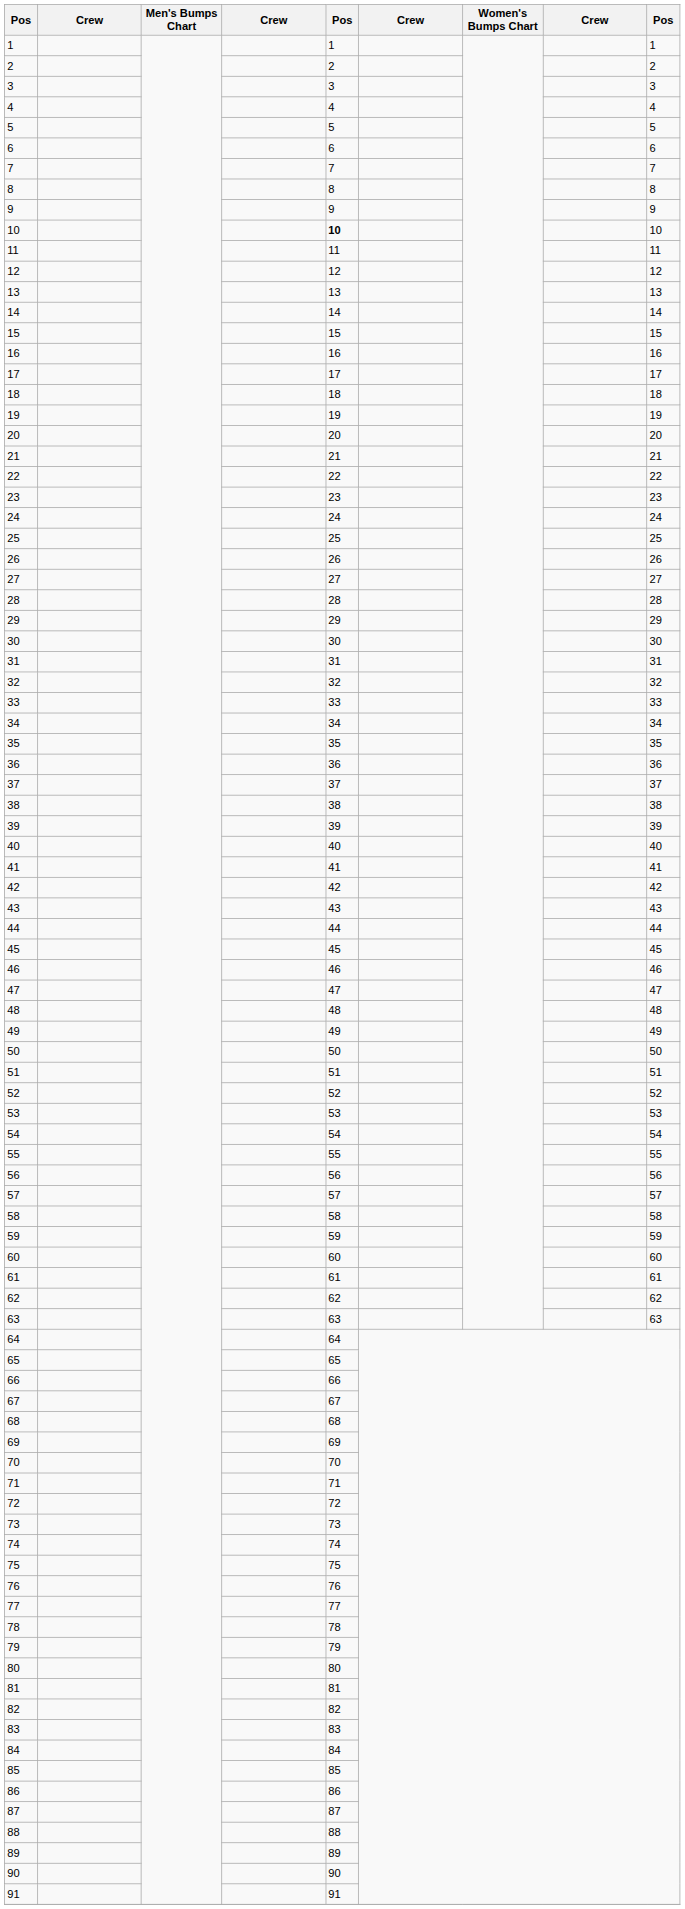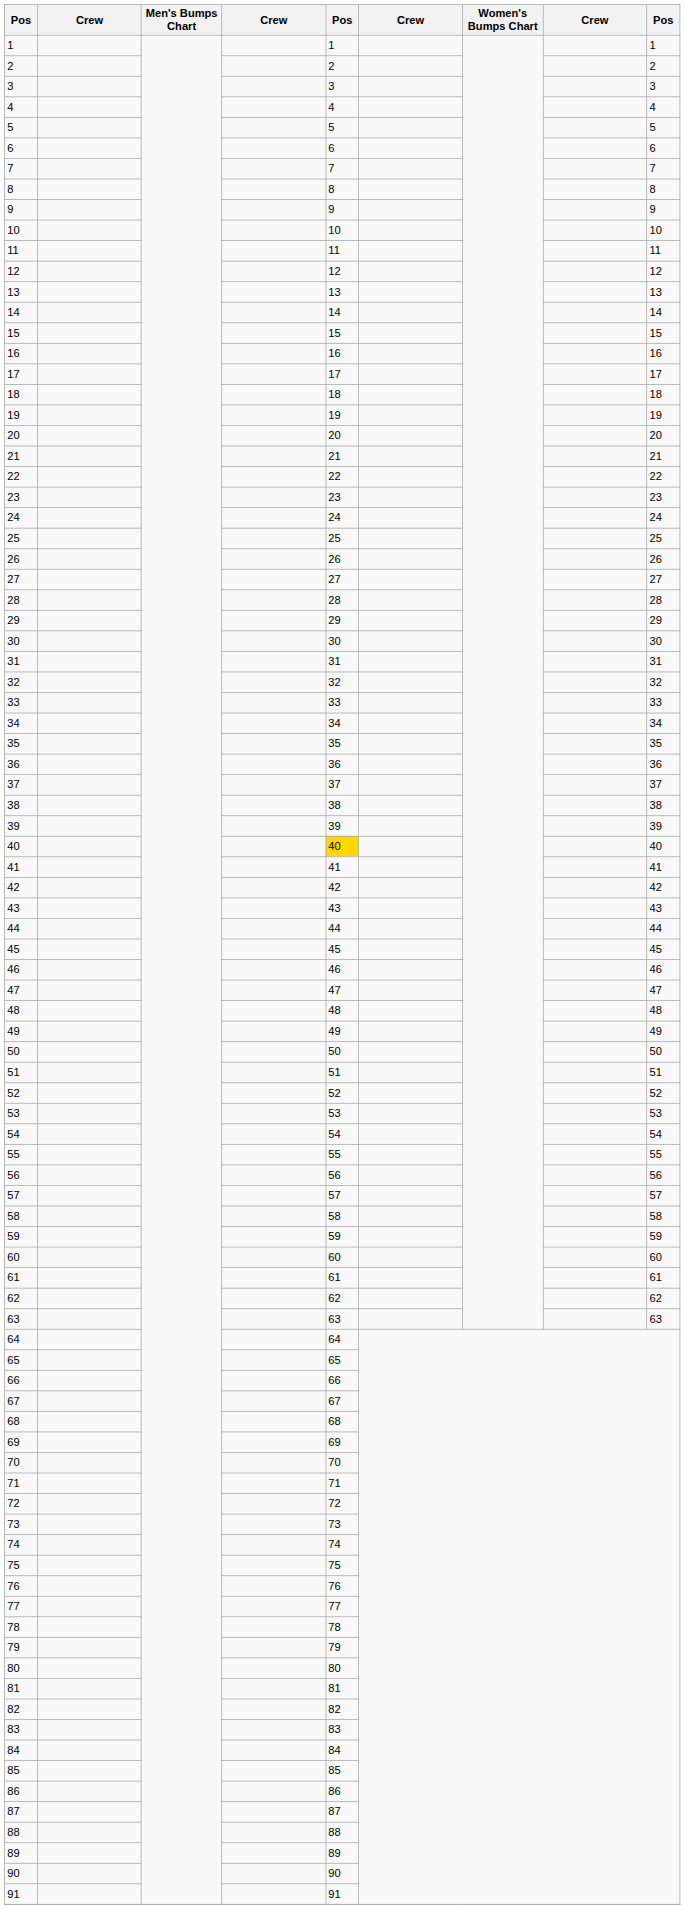 <table class="wikitable" style="font-size:88%; white-space:nowrap; margin:0.5em auto">
 <tr style="white-space:normal">
 <th width=35>Pos</th>
 <th width=125>Crew</th>
 <th width=95>Men's Bumps Chart</th>
 <th width=125>Crew</th>
 <th width=35>Pos</th>
 <th width=125>Crew</th>
 <th width=95>Women's Bumps Chart</th>
 <th width=125>Crew</th>
 <th width=35>Pos</th>
 </tr>
 <tr style="height:26px">
 <td>1</td>
 <td></td>
 <td rowspan="91" style="padding:0"></td>
 <td></td>
 <td>1</td>
 <td></td>
 <td rowspan="63" style="padding:0"></td>
 <td></td>
 <td>1</td>
 </tr>
 <tr style="height:26px">
 <td>2</td>
 <td></td>
 <td></td>
 <td>2</td>
 <td></td>
 <td></td>
 <td>2</td>
 </tr>
 <tr style="height:26px">
 <td>3</td>
 <td></td>
 <td></td>
 <td>3</td>
 <td></td>
 <td></td>
 <td>3</td>
 </tr>
 <tr style="height:26px">
 <td>4</td>
 <td></td>
 <td></td>
 <td>4</td>
 <td></td>
 <td></td>
 <td>4</td>
 </tr>
 <tr style="height:26px">
 <td>5</td>
 <td></td>
 <td></td>
 <td>5</td>
 <td></td>
 <td></td>
 <td>5</td>
 </tr>
 <tr style="height:26px">
 <td>6</td>
 <td></td>
 <td></td>
 <td>6</td>
 <td></td>
 <td></td>
 <td>6</td>
 </tr>
 <tr style="height:26px">
 <td>7</td>
 <td></td>
 <td></td>
 <td>7</td>
 <td></td>
 <td></td>
 <td>7</td>
 </tr>
 <tr style="height:26px">
 <td>8</td>
 <td></td>
 <td></td>
 <td>8</td>
 <td></td>
 <td></td>
 <td>8</td>
 </tr>
 <tr style="height:26px">
 <td>9</td>
 <td></td>
 <td></td>
 <td>9</td>
 <td></td>
 <td></td>
 <td>9</td>
 </tr>
 <tr style="height:26px">
 <td>10</td>
 <td></td>
 <td></td>
-<td><strong>10</strong></td>
+<td>10</td>
 <td></td>
 <td></td>
 <td>10</td>
 </tr>
 <tr style="height:26px">
 <td>11</td>
 <td></td>
 <td></td>
 <td>11</td>
 <td></td>
 <td></td>
 <td>11</td>
 </tr>
 <tr style="height:26px">
 <td>12</td>
 <td></td>
 <td></td>
 <td>12</td>
 <td></td>
 <td></td>
 <td>12</td>
 </tr>
 <tr style="height:26px">
 <td>13</td>
 <td></td>
 <td></td>
 <td>13</td>
 <td></td>
 <td></td>
 <td>13</td>
 </tr>
 <tr style="height:26px">
 <td>14</td>
 <td></td>
 <td></td>
 <td>14</td>
 <td></td>
 <td></td>
 <td>14</td>
 </tr>
 <tr style="height:26px">
 <td>15</td>
 <td></td>
 <td></td>
 <td>15</td>
 <td></td>
 <td></td>
 <td>15</td>
 </tr>
 <tr style="height:26px">
 <td>16</td>
 <td></td>
 <td></td>
 <td>16</td>
 <td></td>
 <td></td>
 <td>16</td>
 </tr>
 <tr style="height:26px">
 <td>17</td>
 <td></td>
 <td></td>
 <td>17</td>
 <td></td>
 <td></td>
 <td>17</td>
 </tr>
 <tr style="height:26px">
 <td>18</td>
 <td></td>
 <td></td>
 <td>18</td>
 <td></td>
 <td></td>
 <td>18</td>
 </tr>
 <tr style="height:26px">
 <td>19</td>
 <td></td>
 <td></td>
 <td>19</td>
 <td></td>
 <td></td>
 <td>19</td>
 </tr>
 <tr style="height:26px">
 <td>20</td>
 <td></td>
 <td></td>
 <td>20</td>
 <td></td>
 <td></td>
 <td>20</td>
 </tr>
 <tr style="height:26px">
 <td>21</td>
 <td></td>
 <td></td>
 <td>21</td>
 <td></td>
 <td></td>
 <td>21</td>
 </tr>
 <tr style="height:26px">
 <td>22</td>
 <td></td>
 <td></td>
 <td>22</td>
 <td></td>
 <td></td>
 <td>22</td>
 </tr>
 <tr style="height:26px">
 <td>23</td>
 <td></td>
 <td></td>
 <td>23</td>
 <td></td>
 <td></td>
 <td>23</td>
 </tr>
 <tr style="height:26px">
 <td>24</td>
 <td></td>
 <td></td>
 <td>24</td>
 <td></td>
 <td></td>
 <td>24</td>
 </tr>
 <tr style="height:26px">
 <td>25</td>
 <td></td>
 <td></td>
 <td>25</td>
 <td></td>
 <td></td>
 <td>25</td>
 </tr>
 <tr style="height:26px">
 <td>26</td>
 <td></td>
 <td></td>
 <td>26</td>
 <td></td>
 <td></td>
 <td>26</td>
 </tr>
 <tr style="height:26px">
 <td>27</td>
 <td></td>
 <td></td>
 <td>27</td>
 <td></td>
 <td></td>
 <td>27</td>
 </tr>
 <tr style="height:26px">
 <td>28</td>
 <td></td>
 <td></td>
 <td>28</td>
 <td></td>
 <td></td>
 <td>28</td>
 </tr>
 <tr style="height:26px">
 <td>29</td>
 <td></td>
 <td></td>
 <td>29</td>
 <td></td>
 <td></td>
 <td>29</td>
 </tr>
 <tr style="height:26px">
 <td>30</td>
 <td></td>
 <td></td>
 <td>30</td>
 <td></td>
 <td></td>
 <td>30</td>
 </tr>
 <tr style="height:26px">
 <td>31</td>
 <td></td>
 <td></td>
 <td>31</td>
 <td></td>
 <td></td>
 <td>31</td>
 </tr>
 <tr style="height:26px">
 <td>32</td>
 <td></td>
 <td></td>
 <td>32</td>
 <td></td>
 <td></td>
 <td>32</td>
 </tr>
 <tr style="height:26px">
 <td>33</td>
 <td></td>
 <td></td>
 <td>33</td>
 <td></td>
 <td></td>
 <td>33</td>
 </tr>
 <tr style="height:26px">
 <td>34</td>
 <td></td>
 <td></td>
 <td>34</td>
 <td></td>
 <td></td>
 <td>34</td>
 </tr>
 <tr style="height:26px">
 <td>35</td>
 <td></td>
 <td></td>
 <td>35</td>
 <td></td>
 <td></td>
 <td>35</td>
 </tr>
 <tr style="height:26px">
 <td>36</td>
 <td></td>
 <td></td>
 <td>36</td>
 <td></td>
 <td></td>
 <td>36</td>
 </tr>
 <tr style="height:26px">
 <td>37</td>
 <td></td>
 <td></td>
 <td>37</td>
 <td></td>
 <td></td>
 <td>37</td>
 </tr>
 <tr style="height:26px">
 <td>38</td>
 <td></td>
 <td></td>
 <td>38</td>
 <td></td>
 <td></td>
 <td>38</td>
 </tr>
 <tr style="height:26px">
 <td>39</td>
 <td></td>
 <td></td>
 <td>39</td>
 <td></td>
 <td></td>
 <td>39</td>
 </tr>
 <tr style="height:26px">
 <td>40</td>
 <td></td>
 <td></td>
-<td>40</td>
+<td style="background: gold;">40</td>
 <td></td>
 <td></td>
 <td>40</td>
 </tr>
 <tr style="height:26px">
 <td>41</td>
 <td></td>
 <td></td>
 <td>41</td>
 <td></td>
 <td></td>
 <td>41</td>
 </tr>
 <tr style="height:26px">
 <td>42</td>
 <td></td>
 <td></td>
 <td>42</td>
 <td></td>
 <td></td>
 <td>42</td>
 </tr>
 <tr style="height:26px">
 <td>43</td>
 <td></td>
 <td></td>
 <td>43</td>
 <td></td>
 <td></td>
 <td>43</td>
 </tr>
 <tr style="height:26px">
 <td>44</td>
 <td></td>
 <td></td>
 <td>44</td>
 <td></td>
 <td></td>
 <td>44</td>
 </tr>
 <tr style="height:26px">
 <td>45</td>
 <td></td>
 <td></td>
 <td>45</td>
 <td></td>
 <td></td>
 <td>45</td>
 </tr>
 <tr style="height:26px">
 <td>46</td>
 <td></td>
 <td></td>
 <td>46</td>
 <td></td>
 <td></td>
 <td>46</td>
 </tr>
 <tr style="height:26px">
 <td>47</td>
 <td></td>
 <td></td>
 <td>47</td>
 <td></td>
 <td></td>
 <td>47</td>
 </tr>
 <tr style="height:26px">
 <td>48</td>
 <td></td>
 <td></td>
 <td>48</td>
 <td></td>
 <td></td>
 <td>48</td>
 </tr>
 <tr style="height:26px">
 <td>49</td>
 <td></td>
 <td></td>
 <td>49</td>
 <td></td>
 <td></td>
 <td>49</td>
 </tr>
 <tr style="height:26px">
 <td>50</td>
 <td></td>
 <td></td>
 <td>50</td>
 <td></td>
 <td></td>
 <td>50</td>
 </tr>
 <tr style="height:26px">
 <td>51</td>
 <td></td>
 <td></td>
 <td>51</td>
 <td></td>
 <td></td>
 <td>51</td>
 </tr>
 <tr style="height:26px">
 <td>52</td>
 <td></td>
 <td></td>
 <td>52</td>
 <td></td>
 <td></td>
 <td>52</td>
 </tr>
 <tr style="height:26px">
 <td>53</td>
 <td></td>
 <td></td>
 <td>53</td>
 <td></td>
 <td></td>
 <td>53</td>
 </tr>
 <tr style="height:26px">
 <td>54</td>
 <td></td>
 <td></td>
 <td>54</td>
 <td></td>
 <td></td>
 <td>54</td>
 </tr>
 <tr style="height:26px">
 <td>55</td>
 <td></td>
 <td></td>
 <td>55</td>
 <td></td>
 <td></td>
 <td>55</td>
 </tr>
 <tr style="height:26px">
 <td>56</td>
 <td></td>
 <td></td>
 <td>56</td>
 <td></td>
 <td></td>
 <td>56</td>
 </tr>
 <tr style="height:26px">
 <td>57</td>
 <td></td>
 <td></td>
 <td>57</td>
 <td></td>
 <td></td>
 <td>57</td>
 </tr>
 <tr style="height:26px">
 <td>58</td>
 <td></td>
 <td></td>
 <td>58</td>
 <td></td>
 <td></td>
 <td>58</td>
 </tr>
 <tr style="height:26px">
 <td>59</td>
 <td></td>
 <td></td>
 <td>59</td>
 <td></td>
 <td></td>
 <td>59</td>
 </tr>
 <tr style="height:26px">
 <td>60</td>
 <td></td>
 <td></td>
 <td>60</td>
 <td></td>
 <td></td>
 <td>60</td>
 </tr>
 <tr style="height:26px">
 <td>61</td>
 <td></td>
 <td></td>
 <td>61</td>
 <td></td>
 <td></td>
 <td>61</td>
 </tr>
 <tr style="height:26px">
 <td>62</td>
 <td></td>
 <td></td>
 <td>62</td>
 <td></td>
 <td></td>
 <td>62</td>
 </tr>
 <tr style="height:26px">
 <td>63</td>
 <td></td>
 <td></td>
 <td>63</td>
 <td></td>
 <td></td>
 <td>63</td>
 </tr>
 <tr style="height:26px">
 <td>64</td>
 <td></td>
 <td></td>
 <td>64</td>
 <td colspan="4" rowspan="28"> </td>
 </tr>
 <tr style="height:26px">
 <td>65</td>
 <td></td>
 <td></td>
 <td>65</td>
 </tr>
 <tr style="height:26px">
 <td>66</td>
 <td></td>
 <td></td>
 <td>66</td>
 </tr>
 <tr style="height:26px">
 <td>67</td>
 <td></td>
 <td></td>
 <td>67</td>
 </tr>
 <tr style="height:26px">
 <td>68</td>
 <td></td>
 <td></td>
 <td>68</td>
 </tr>
 <tr style="height:26px">
 <td>69</td>
 <td></td>
 <td></td>
 <td>69</td>
 </tr>
 <tr style="height:26px">
 <td>70</td>
 <td></td>
 <td></td>
 <td>70</td>
 </tr>
 <tr style="height:26px">
 <td>71</td>
 <td></td>
 <td></td>
 <td>71</td>
 </tr>
 <tr style="height:26px">
 <td>72</td>
 <td></td>
 <td></td>
 <td>72</td>
 </tr>
 <tr style="height:26px">
 <td>73</td>
 <td></td>
 <td></td>
 <td>73</td>
 </tr>
 <tr style="height:26px">
 <td>74</td>
 <td></td>
 <td></td>
 <td>74</td>
 </tr>
 <tr style="height:26px">
 <td>75</td>
 <td></td>
 <td></td>
 <td>75</td>
 </tr>
 <tr style="height:26px">
 <td>76</td>
 <td></td>
 <td></td>
 <td>76</td>
 </tr>
 <tr style="height:26px">
 <td>77</td>
 <td></td>
 <td></td>
 <td>77</td>
 </tr>
 <tr style="height:26px">
 <td>78</td>
 <td></td>
 <td></td>
 <td>78</td>
 </tr>
 <tr style="height:26px">
 <td>79</td>
 <td></td>
 <td></td>
 <td>79</td>
 </tr>
 <tr style="height:26px">
 <td>80</td>
 <td></td>
 <td></td>
 <td>80</td>
 </tr>
 <tr style="height:26px">
 <td>81</td>
 <td></td>
 <td></td>
 <td>81</td>
 </tr>
 <tr style="height:26px">
 <td>82</td>
 <td></td>
 <td></td>
 <td>82</td>
 </tr>
 <tr style="height:26px">
 <td>83</td>
 <td></td>
 <td></td>
 <td>83</td>
 </tr>
 <tr style="height:26px">
 <td>84</td>
 <td></td>
 <td></td>
 <td>84</td>
 </tr>
 <tr style="height:26px">
 <td>85</td>
 <td></td>
 <td></td>
 <td>85</td>
 </tr>
 <tr style="height:26px">
 <td>86</td>
 <td></td>
 <td></td>
 <td>86</td>
 </tr>
 <tr style="height:26px">
 <td>87</td>
 <td></td>
 <td></td>
 <td>87</td>
 </tr>
 <tr style="height:26px">
 <td>88</td>
 <td></td>
 <td></td>
 <td>88</td>
 </tr>
 <tr style="height:26px">
 <td>89</td>
 <td></td>
 <td></td>
 <td>89</td>
 </tr>
 <tr style="height:26px">
 <td>90</td>
 <td></td>
 <td></td>
 <td>90</td>
 </tr>
 <tr style="height:26px">
 <td>91</td>
 <td></td>
 <td></td>
 <td>91</td>
 </tr>
 <tr>
 </tr>
 </table>
